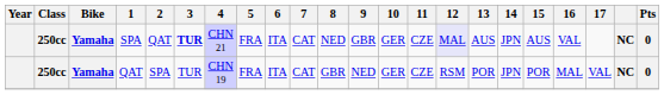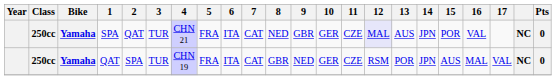 <table class="wikitable" style="text-align:center">
 <tr>
 <th>Year</th>
 <th>Class</th>
 <th>Bike</th>
 <th>1</th>
 <th>2</th>
 <th>3</th>
 <th>4</th>
 <th>5</th>
 <th>6</th>
 <th>7</th>
 <th>8</th>
 <th>9</th>
 <th>10</th>
 <th>11</th>
 <th>12</th>
 <th>13</th>
 <th>14</th>
 <th>15</th>
 <th>16</th>
 <th>17</th>
 <th></th>
 <th>Pts</th>
 </tr>
 <tr>
 <th align="left"></th>
 <th align="left">250cc</th>
 <th align="left"><a href='#'>Yamaha</a></th>
 <td><a href='#'>SPA</a></td>
 <td><a href='#'>QAT</a></td>
-<td><strong><a href='#'>TUR</a></strong></td>
+<td><a href='#'>TUR</a></td>
 <td style="background:#cfcfff;"><a href='#'>CHN</a><br><small>21</small></td>
 <td><a href='#'>FRA</a></td>
 <td><a href='#'>ITA</a></td>
 <td><a href='#'>CAT</a></td>
 <td><a href='#'>NED</a></td>
 <td><a href='#'>GBR</a></td>
 <td><a href='#'>GER</a></td>
 <td><a href='#'>CZE</a></td>
 <td style="background: lavender;"><a href='#'>MAL</a></td>
 <td><a href='#'>AUS</a></td>
 <td><a href='#'>JPN</a></td>
-<td><a href='#'>AUS</a></td>
+<td><a href='#'>POR</a></td>
 <td><a href='#'>VAL</a></td>
 <td></td>
 <th>NC</th>
 <th>0</th>
 </tr>
 <tr>
 <th align="left"></th>
 <th align="left">250cc</th>
 <th align="left"><a href='#'>Yamaha</a></th>
 <td><a href='#'>QAT</a></td>
 <td><a href='#'>SPA</a></td>
 <td><a href='#'>TUR</a></td>
 <td style="background:#cfcfff;"><a href='#'>CHN</a><br><small>19</small></td>
 <td><a href='#'>FRA</a></td>
 <td><a href='#'>ITA</a></td>
 <td><a href='#'>CAT</a></td>
 <td><a href='#'>GBR</a></td>
 <td><a href='#'>NED</a></td>
 <td><a href='#'>GER</a></td>
 <td><a href='#'>CZE</a></td>
 <td><a href='#'>RSM</a></td>
 <td><a href='#'>POR</a></td>
 <td><a href='#'>JPN</a></td>
-<td><a href='#'>POR</a></td>
+<td><a href='#'>AUS</a></td>
 <td><a href='#'>MAL</a></td>
 <td><a href='#'>VAL</a></td>
 <th>NC</th>
 <th>0</th>
 </tr>
 <tr>
 </tr>
 </table>
